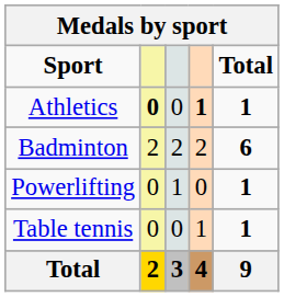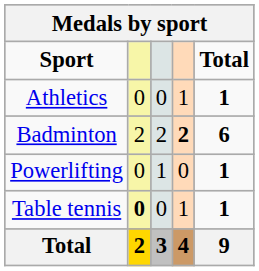 <table class="wikitable" style=font-size:85%;float:center;text-align:center>
 <tr style="background:#efefef;">
 <th colspan=5><strong>Medals by sport</strong></th>
 </tr>
 <tr align=center>
 <td><strong>Sport</strong></td>
 <td bgcolor=#f7f6a8></td>
 <td bgcolor=#dce5e5></td>
 <td bgcolor=#ffdab9></td>
 <td><strong>Total</strong></td>
 </tr>
 <tr align=center>
 <td><a href='#'>Athletics</a></td>
-<td style="background:#F7F6A8;"><strong>0</strong></td>
+<td style="background:#F7F6A8;">0</td>
 <td style="background:#DCE5E5;">0</td>
-<td style="background:#FFDAB9;"><strong>1</strong></td>
+<td style="background:#FFDAB9;">1</td>
 <td><strong>1</strong></td>
 </tr>
 <tr align=center>
 <td><a href='#'>Badminton</a></td>
 <td style="background:#F7F6A8;">2</td>
 <td style="background:#DCE5E5;">2</td>
-<td style="background:#FFDAB9;">2</td>
+<td style="background:#FFDAB9;"><strong>2</strong></td>
 <td><strong>6</strong></td>
 </tr>
 <tr align=center>
 <td><a href='#'>Powerlifting</a></td>
 <td style="background:#F7F6A8;">0</td>
 <td style="background:#DCE5E5;">1</td>
 <td style="background:#FFDAB9;">0</td>
 <td><strong>1</strong></td>
 </tr>
 <tr align=center>
 <td><a href='#'>Table tennis</a></td>
-<td style="background:#F7F6A8;">0</td>
+<td style="background:#F7F6A8;"><strong>0</strong></td>
 <td style="background:#DCE5E5;">0</td>
 <td style="background:#FFDAB9;">1</td>
 <td><strong>1</strong></td>
 </tr>
 <tr align=center>
 <th><strong>Total</strong></th>
 <th style="background:gold;"><strong>2</strong></th>
 <th style="background:silver;"><strong>3</strong></th>
 <th style="background:#c96;"><strong>4</strong></th>
 <th><strong>9</strong></th>
 </tr>
 </table>
